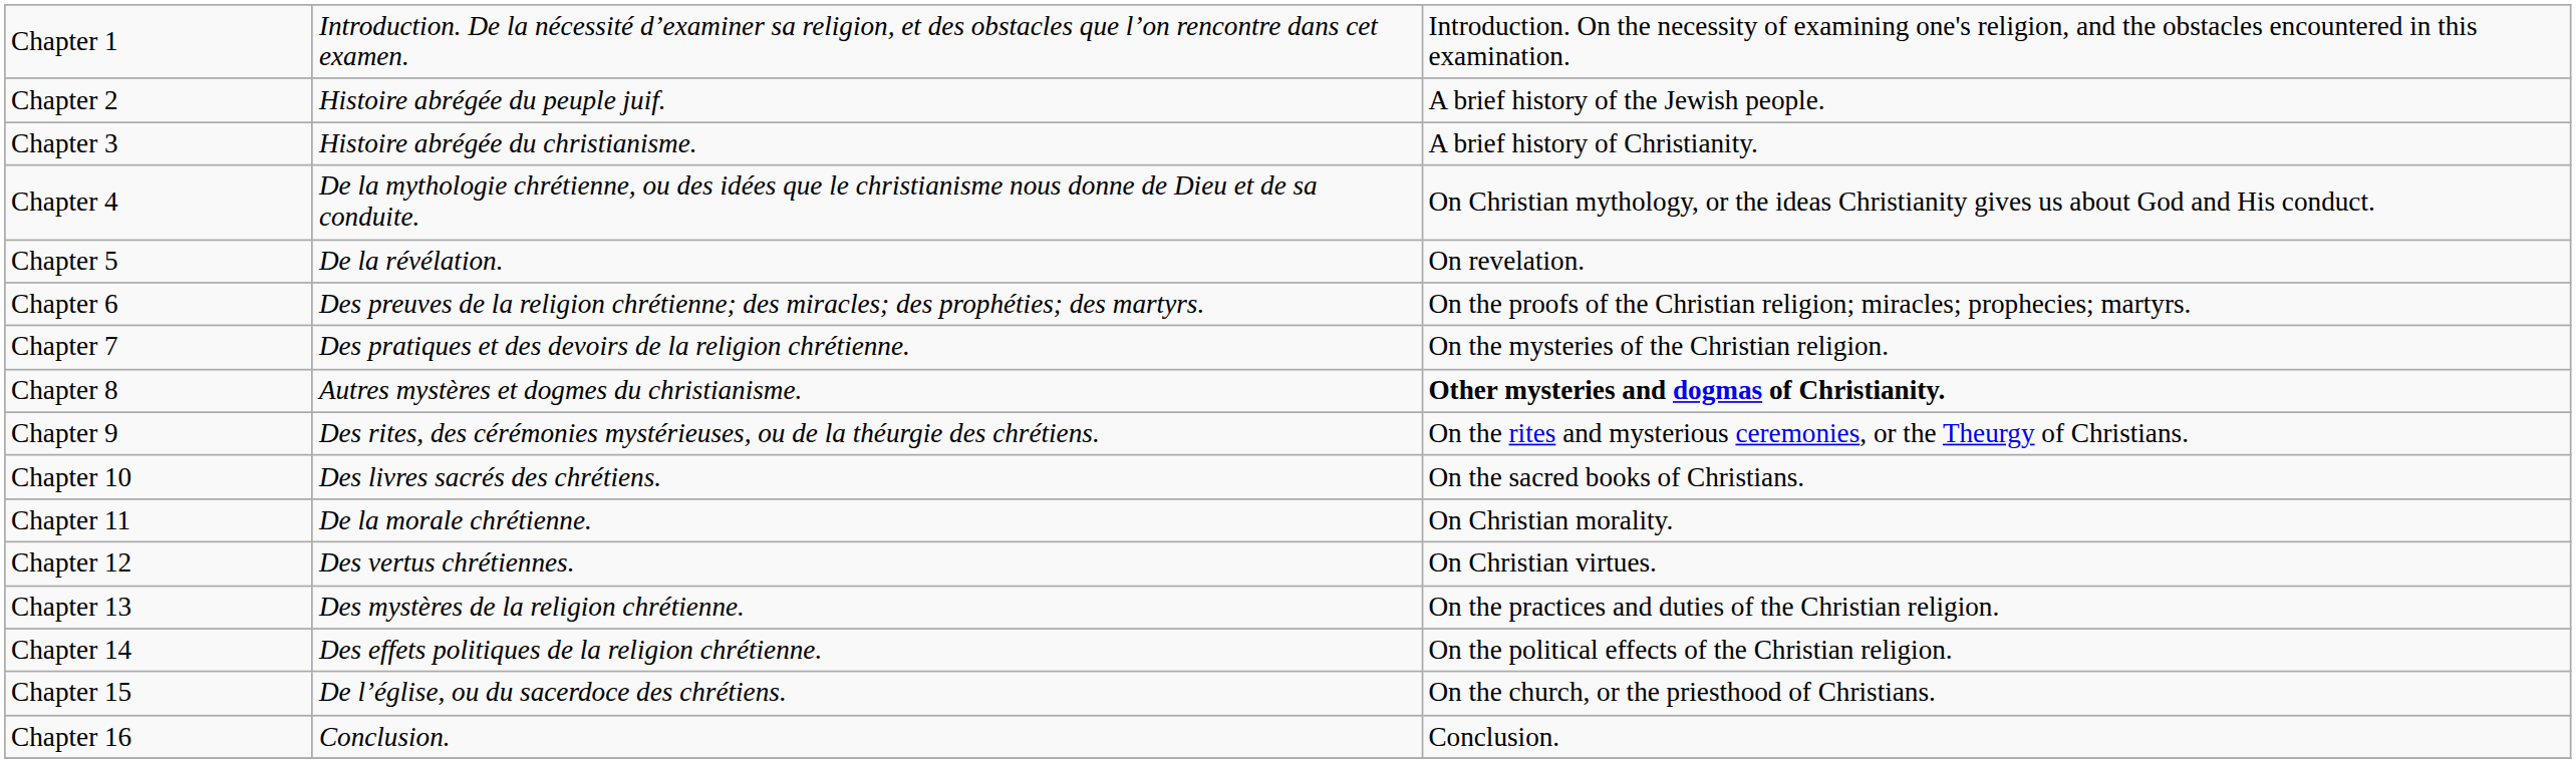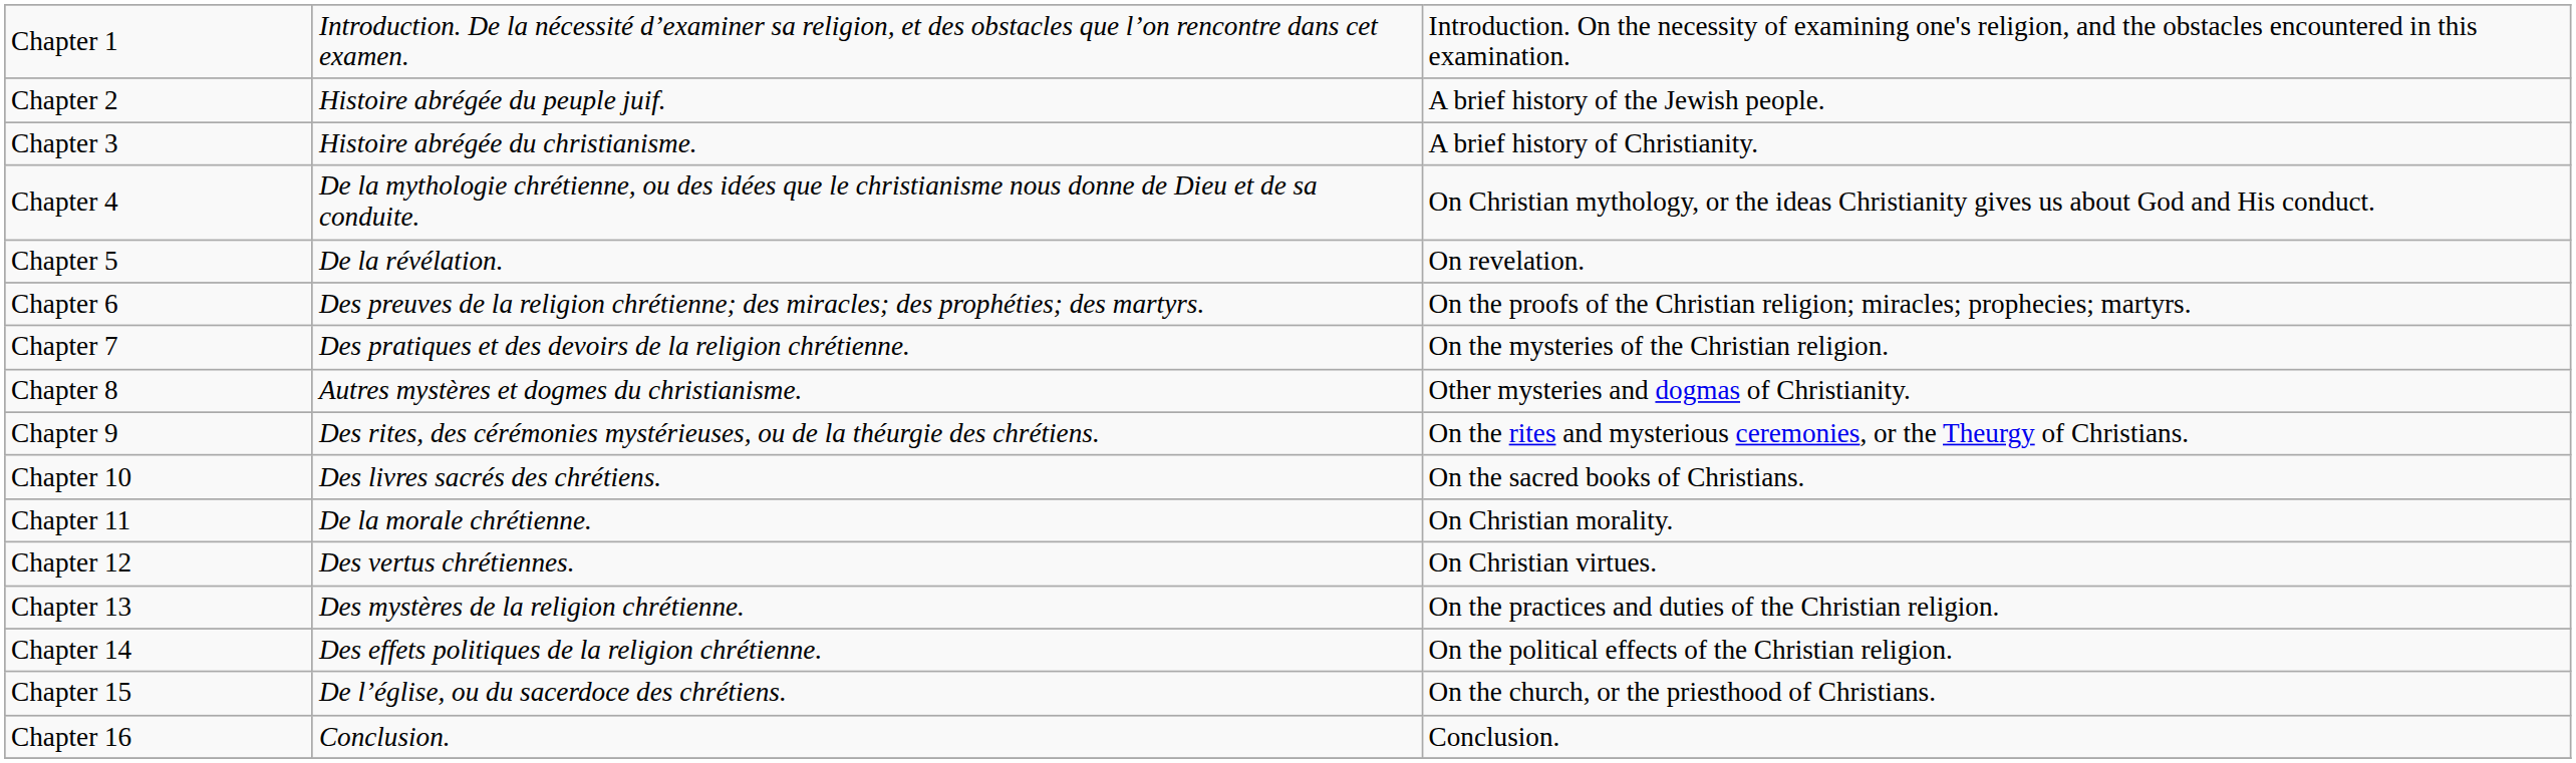 <table class="wikitable zebra backgroundcolor5 centered" width="95%" style="padding:1em">
 <tr>
 <td width="12%">Chapter 1</td>
 <td><em>Introduction. De la nécessité d’examiner sa religion, et des obstacles que l’on rencontre dans cet examen.</em></td>
 <td>Introduction. On the necessity of examining one's religion, and the obstacles encountered in this examination.</td>
 </tr>
 <tr>
 <td>Chapter 2</td>
 <td><em>Histoire abrégée du peuple juif.</em></td>
 <td>A brief history of the Jewish people.</td>
 </tr>
 <tr>
 <td>Chapter 3</td>
 <td><em>Histoire abrégée du christianisme.</em></td>
 <td>A brief history of Christianity.</td>
 </tr>
 <tr>
 <td>Chapter 4</td>
 <td><em>De la mythologie chrétienne, ou des idées que le christianisme nous donne de Dieu et de sa conduite.</em></td>
 <td>On Christian mythology, or the ideas Christianity gives us about God and His conduct.</td>
 </tr>
 <tr>
 <td>Chapter 5</td>
 <td><em>De la révélation.</em></td>
 <td>On revelation.</td>
 </tr>
 <tr>
 <td>Chapter 6</td>
 <td><em>Des preuves de la religion chrétienne; des miracles; des prophéties; des martyrs.</em></td>
 <td>On the proofs of the Christian religion; miracles; prophecies; martyrs.</td>
 </tr>
 <tr>
 <td>Chapter 7</td>
 <td><em>Des pratiques et des devoirs de la religion chrétienne.</em></td>
 <td>On the mysteries of the Christian religion.</td>
 </tr>
 <tr>
 <td>Chapter 8</td>
 <td><em>Autres mystères et dogmes du christianisme.</em></td>
-<td><strong>Other mysteries and <a href='#'>dogmas</a> of Christianity.</strong></td>
+<td>Other mysteries and <a href='#'>dogmas</a> of Christianity.</td>
 </tr>
 <tr>
 <td>Chapter 9</td>
 <td><em>Des rites, des cérémonies mystérieuses, ou de la théurgie des chrétiens.</em></td>
 <td>On the <a href='#'>rites</a> and mysterious <a href='#'>ceremonies</a>, or the <a href='#'>Theurgy</a> of Christians.</td>
 </tr>
 <tr>
 <td>Chapter 10</td>
 <td><em>Des livres sacrés des chrétiens.</em></td>
 <td>On the sacred books of Christians.</td>
 </tr>
 <tr>
 <td>Chapter 11</td>
 <td><em>De la morale chrétienne.</em></td>
 <td>On Christian morality.</td>
 </tr>
 <tr>
 <td>Chapter 12</td>
 <td><em>Des vertus chrétiennes.</em></td>
 <td>On Christian virtues.</td>
 </tr>
 <tr>
 <td>Chapter 13</td>
 <td><em>Des mystères de la religion chrétienne.</em></td>
 <td>On the practices and duties of the Christian religion.</td>
 </tr>
 <tr>
 <td>Chapter 14</td>
 <td><em>Des effets politiques de la religion chrétienne.</em></td>
 <td>On the political effects of the Christian religion.</td>
 </tr>
 <tr>
 <td>Chapter 15</td>
 <td><em>De l’église, ou du sacerdoce des chrétiens.</em></td>
 <td>On the church, or the priesthood of Christians.</td>
 </tr>
 <tr>
 <td>Chapter 16</td>
 <td><em>Conclusion.</em></td>
 <td>Conclusion.</td>
 </tr>
 <tr>
 </tr>
 </table>
